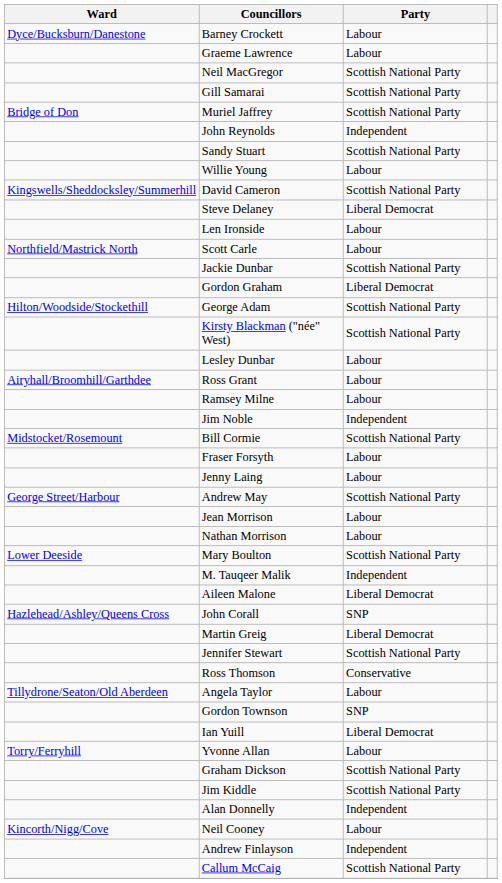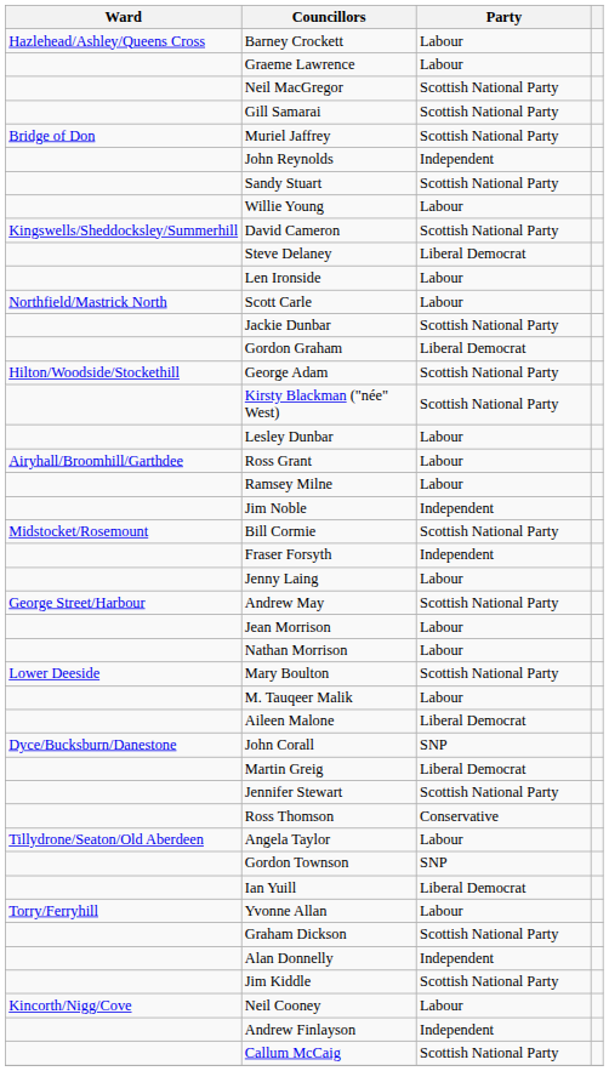 <table class="wikitable">
 <tr>
 <th width="180">Ward</th>
 <th width="180">Councillors</th>
 <th width="180">Party</th>
 <th width="5"></th>
 </tr>
 <tr>
-<td><a href='#'>Dyce/Bucksburn/Danestone</a></td>
+<td><a href='#'>Hazlehead/Ashley/Queens Cross</a></td>
 <td>Barney Crockett</td>
 <td>Labour</td>
 <td></td>
 </tr>
 <tr>
 <td></td>
 <td>Graeme Lawrence</td>
 <td>Labour</td>
 <td></td>
 </tr>
 <tr>
 <td></td>
 <td>Neil MacGregor</td>
 <td>Scottish National Party</td>
 <td></td>
 </tr>
 <tr>
 <td></td>
 <td>Gill Samarai</td>
 <td>Scottish National Party</td>
 <td></td>
 </tr>
 <tr>
 <td><a href='#'>Bridge of Don</a></td>
 <td>Muriel Jaffrey</td>
 <td>Scottish National Party</td>
 <td></td>
 </tr>
 <tr>
 <td></td>
 <td>John Reynolds</td>
 <td>Independent</td>
 <td></td>
 </tr>
 <tr>
 <td></td>
 <td>Sandy Stuart</td>
 <td>Scottish National Party</td>
 <td></td>
 </tr>
 <tr>
 <td></td>
 <td>Willie Young</td>
 <td>Labour</td>
 <td></td>
 </tr>
 <tr>
 <td><a href='#'>Kingswells/Sheddocksley/Summerhill</a></td>
 <td>David Cameron</td>
 <td>Scottish National Party</td>
 <td></td>
 </tr>
 <tr>
 <td></td>
 <td>Steve Delaney</td>
 <td>Liberal Democrat</td>
 <td></td>
 </tr>
 <tr>
 <td></td>
 <td>Len Ironside</td>
 <td>Labour</td>
 <td></td>
 </tr>
 <tr>
 <td><a href='#'>Northfield/Mastrick North</a></td>
 <td>Scott Carle</td>
 <td>Labour</td>
 <td></td>
 </tr>
 <tr>
 <td></td>
 <td>Jackie Dunbar</td>
 <td>Scottish National Party</td>
 <td></td>
 </tr>
 <tr>
 <td></td>
 <td>Gordon Graham</td>
 <td>Liberal Democrat</td>
 <td></td>
 </tr>
 <tr>
 <td><a href='#'>Hilton/Woodside/Stockethill</a></td>
 <td>George Adam</td>
 <td>Scottish National Party</td>
 <td></td>
 </tr>
 <tr>
 <td></td>
 <td><a href='#'>Kirsty Blackman</a> ("née" West)</td>
 <td>Scottish National Party</td>
 <td></td>
 </tr>
 <tr>
 <td></td>
 <td>Lesley Dunbar</td>
 <td>Labour</td>
 <td></td>
 </tr>
 <tr>
 <td><a href='#'>Airyhall/Broomhill/Garthdee</a></td>
 <td>Ross Grant</td>
 <td>Labour</td>
 <td></td>
 </tr>
 <tr>
 <td></td>
 <td>Ramsey Milne</td>
 <td>Labour</td>
 <td></td>
 </tr>
 <tr>
 <td></td>
 <td>Jim Noble</td>
 <td>Independent</td>
 <td></td>
 </tr>
 <tr>
 <td><a href='#'>Midstocket/Rosemount</a></td>
 <td>Bill Cormie</td>
 <td>Scottish National Party</td>
 <td></td>
 </tr>
 <tr>
 <td></td>
 <td>Fraser Forsyth</td>
-<td>Labour</td>
+<td>Independent</td>
 <td></td>
 </tr>
 <tr>
 <td></td>
 <td>Jenny Laing</td>
 <td>Labour</td>
 <td></td>
 </tr>
 <tr>
 <td><a href='#'>George Street/Harbour</a></td>
 <td>Andrew May</td>
 <td>Scottish National Party</td>
 <td></td>
 </tr>
 <tr>
 <td></td>
 <td>Jean Morrison</td>
 <td>Labour</td>
 <td></td>
 </tr>
 <tr>
 <td></td>
 <td>Nathan Morrison</td>
 <td>Labour</td>
 <td></td>
 </tr>
 <tr>
 <td><a href='#'>Lower Deeside</a></td>
 <td>Mary Boulton</td>
 <td>Scottish National Party</td>
 <td></td>
 </tr>
 <tr>
 <td></td>
 <td>M. Tauqeer Malik</td>
-<td>Independent</td>
+<td>Labour</td>
 <td></td>
 </tr>
 <tr>
 <td></td>
 <td>Aileen Malone</td>
 <td>Liberal Democrat</td>
 <td></td>
 </tr>
 <tr>
-<td><a href='#'>Hazlehead/Ashley/Queens Cross</a></td>
+<td><a href='#'>Dyce/Bucksburn/Danestone</a></td>
 <td>John Corall</td>
 <td>SNP</td>
 <td></td>
 </tr>
 <tr>
 <td></td>
 <td>Martin Greig</td>
 <td>Liberal Democrat</td>
 <td></td>
 </tr>
 <tr>
 <td></td>
 <td>Jennifer Stewart</td>
 <td>Scottish National Party</td>
 <td></td>
 </tr>
 <tr>
 <td></td>
 <td>Ross Thomson</td>
 <td>Conservative</td>
 <td></td>
 </tr>
 <tr>
 <td><a href='#'>Tillydrone/Seaton/Old Aberdeen</a></td>
 <td>Angela Taylor</td>
 <td>Labour</td>
 <td></td>
 </tr>
 <tr>
 <td></td>
 <td>Gordon Townson</td>
 <td>SNP</td>
 <td></td>
 </tr>
 <tr>
 <td></td>
 <td>Ian Yuill</td>
 <td>Liberal Democrat</td>
 <td></td>
 </tr>
 <tr>
 <td><a href='#'>Torry/Ferryhill</a></td>
 <td>Yvonne Allan</td>
 <td>Labour</td>
 <td></td>
 </tr>
 <tr>
 <td></td>
 <td>Graham Dickson</td>
 <td>Scottish National Party</td>
 <td></td>
 </tr>
 <tr>
 <td></td>
-<td>Jim Kiddle</td>
-<td>Scottish National Party</td>
+<td>Alan Donnelly</td>
+<td>Independent</td>
 <td></td>
 </tr>
 <tr>
 <td></td>
-<td>Alan Donnelly</td>
-<td>Independent</td>
+<td>Jim Kiddle</td>
+<td>Scottish National Party</td>
 <td></td>
 </tr>
 <tr>
 <td><a href='#'>Kincorth/Nigg/Cove</a></td>
 <td>Neil Cooney</td>
 <td>Labour</td>
 <td></td>
 </tr>
 <tr>
 <td></td>
 <td>Andrew Finlayson</td>
 <td>Independent</td>
 <td></td>
 </tr>
 <tr>
 <td></td>
 <td><a href='#'>Callum McCaig</a></td>
 <td>Scottish National Party</td>
 <td></td>
 </tr>
 <tr>
 </tr>
 </table>
